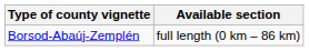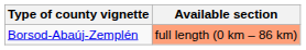 <table class="wikitable">
 <tr>
 <th>Type of county vignette</th>
 <th>Available section</th>
 </tr>
 <tr>
 <td><a href='#'>Borsod-Abaúj-Zemplén</a></td>
-<td>full length (0 km – 86 km)</td>
+<td style="background: lightsalmon;">full length (0 km – 86 km)</td>
 </tr>
 </table>
